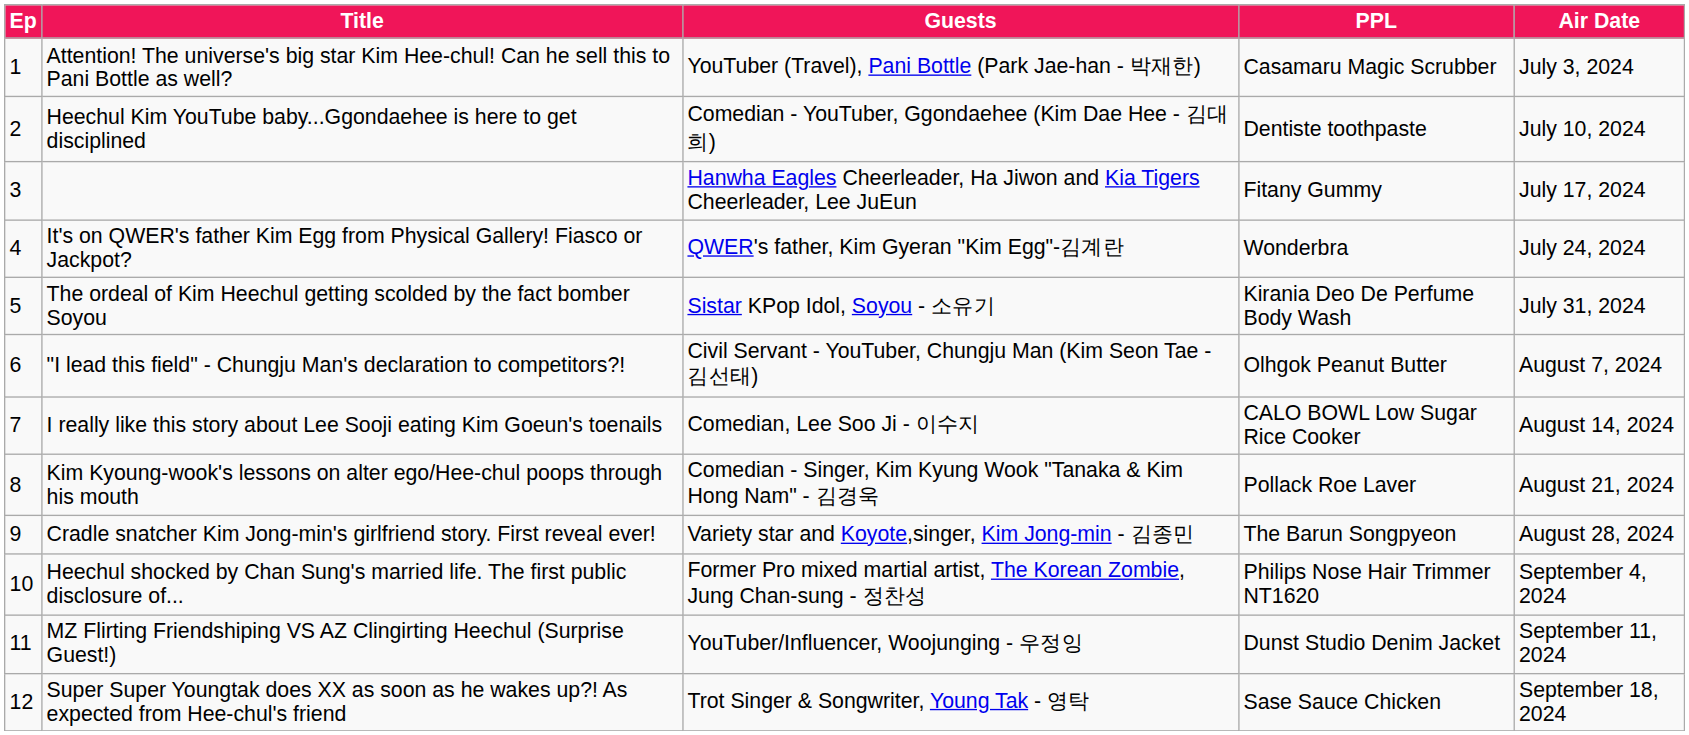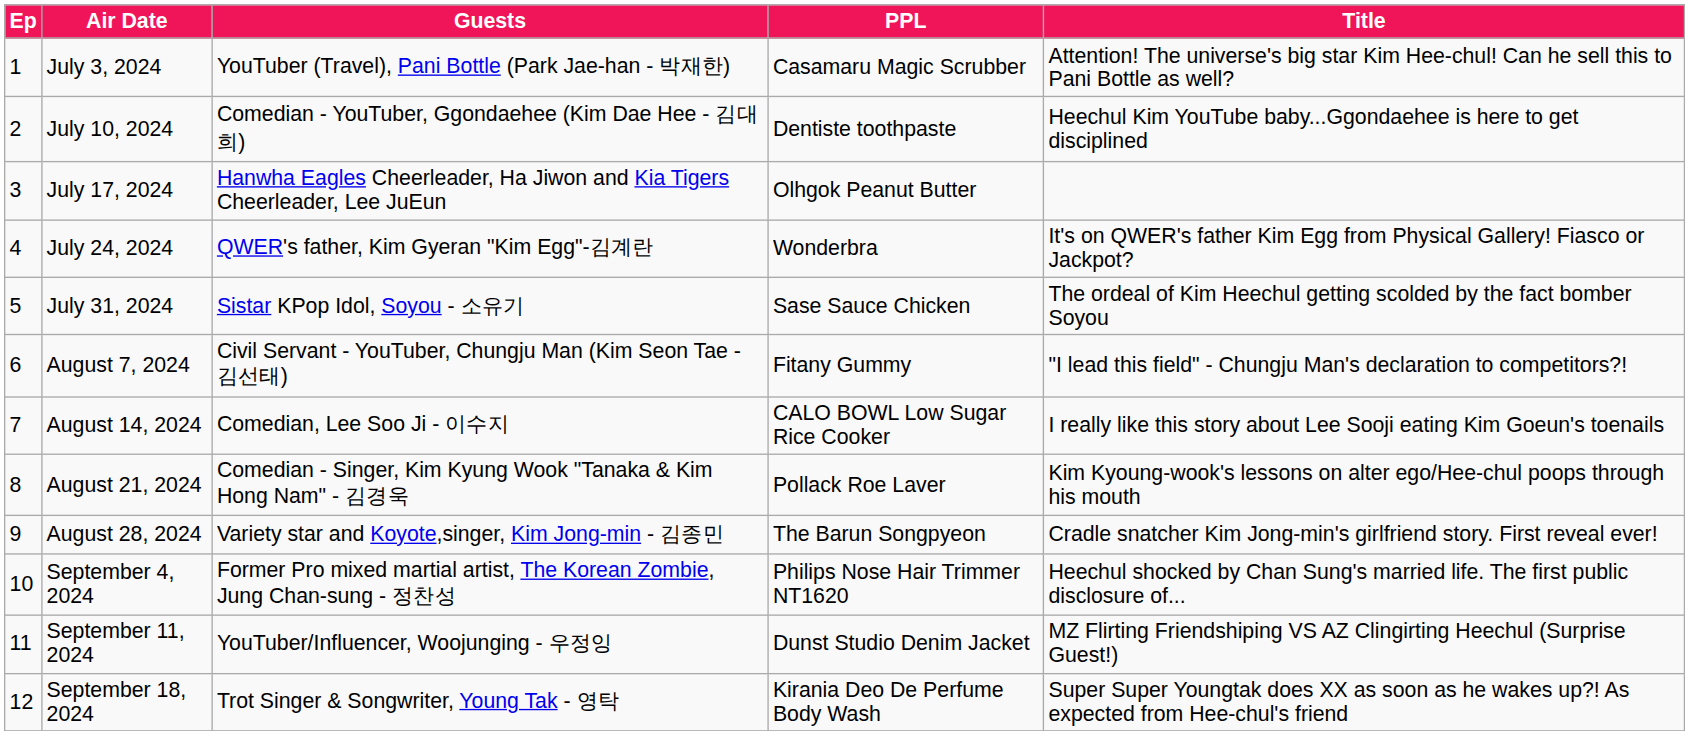 <table class="sortable wikitable" style="text-align:left; style=font-size:85%; width:100%">
 <tr>
 <th style="background:#f01559; color:white;">Ep</th>
-<th style="background:#f01559; color:white;">Title</th>
+<th style="background:#f01559; color:white;">Air Date</th>
 <th style="background:#f01559; color:white;">Guests</th>
 <th style="background:#f01559; color:white;">PPL</th>
-<th style="background:#f01559; color:white;">Air Date</th>
+<th style="background:#f01559; color:white;">Title</th>
 </tr>
 <tr>
 <td>1</td>
-<td>Attention! The universe's big star Kim Hee-chul! Can he sell this to Pani Bottle as well?</td>
+<td>July 3, 2024</td>
 <td>YouTuber (Travel), <a href='#'>Pani Bottle</a> (Park Jae-han - 박재한)</td>
 <td>Casamaru Magic Scrubber</td>
-<td>July 3, 2024</td>
+<td>Attention! The universe's big star Kim Hee-chul! Can he sell this to Pani Bottle as well?</td>
 </tr>
 <tr>
 <td>2</td>
-<td>Heechul Kim YouTube baby...Ggondaehee is here to get disciplined</td>
+<td>July 10, 2024</td>
 <td>Comedian - YouTuber, Ggondaehee (Kim Dae Hee - 김대희)</td>
 <td>Dentiste toothpaste</td>
-<td>July 10, 2024</td>
+<td>Heechul Kim YouTube baby...Ggondaehee is here to get disciplined</td>
 </tr>
 <tr>
 <td>3</td>
+<td>July 17, 2024</td>
+<td><a href='#'>Hanwha Eagles</a>  Cheerleader, Ha Jiwon and <a href='#'>Kia Tigers</a> Cheerleader, Lee JuEun</td>
+<td>Olhgok Peanut Butter</td>
 <td></td>
-<td><a href='#'>Hanwha Eagles</a>  Cheerleader, Ha Jiwon and <a href='#'>Kia Tigers</a> Cheerleader, Lee JuEun</td>
-<td>Fitany Gummy</td>
-<td>July 17, 2024</td>
 </tr>
 <tr>
 <td>4</td>
-<td>It's on QWER's father Kim Egg from Physical Gallery! Fiasco or Jackpot?</td>
+<td>July 24, 2024</td>
 <td><a href='#'>QWER</a>'s father, Kim Gyeran "Kim Egg"-김계란</td>
 <td>Wonderbra</td>
-<td>July 24, 2024</td>
+<td>It's on QWER's father Kim Egg from Physical Gallery! Fiasco or Jackpot?</td>
 </tr>
 <tr>
 <td>5</td>
+<td>July 31, 2024</td>
+<td><a href='#'>Sistar</a> KPop Idol, <a href='#'>Soyou</a> - 소유기</td>
+<td>Sase Sauce Chicken</td>
 <td>The ordeal of Kim Heechul getting scolded by the fact bomber Soyou</td>
-<td><a href='#'>Sistar</a> KPop Idol, <a href='#'>Soyou</a> - 소유기</td>
-<td>Kirania Deo De Perfume Body Wash</td>
-<td>July 31, 2024</td>
 </tr>
 <tr>
 <td>6</td>
+<td>August 7, 2024</td>
+<td>Civil Servant - YouTuber, Chungju Man (Kim Seon Tae - 김선태)</td>
+<td>Fitany Gummy</td>
 <td>"I lead this field" - Chungju Man's declaration to competitors?!</td>
-<td>Civil Servant - YouTuber, Chungju Man (Kim Seon Tae - 김선태)</td>
-<td>Olhgok Peanut Butter</td>
-<td>August 7, 2024</td>
 </tr>
 <tr>
 <td>7</td>
-<td>I really like this story about Lee Sooji eating Kim Goeun's toenails</td>
+<td>August 14, 2024</td>
 <td>Comedian, Lee Soo Ji - 이수지</td>
 <td>CALO BOWL Low Sugar Rice Cooker</td>
-<td>August 14, 2024</td>
+<td>I really like this story about Lee Sooji eating Kim Goeun's toenails</td>
 </tr>
 <tr>
 <td>8</td>
-<td>Kim Kyoung-wook's lessons on alter ego/Hee-chul poops through his mouth</td>
+<td>August 21, 2024</td>
 <td>Comedian - Singer, Kim Kyung Wook "Tanaka & Kim Hong Nam" - 김경욱</td>
 <td>Pollack Roe Laver</td>
-<td>August 21, 2024</td>
+<td>Kim Kyoung-wook's lessons on alter ego/Hee-chul poops through his mouth</td>
 </tr>
 <tr>
 <td>9</td>
-<td>Cradle snatcher Kim Jong-min's girlfriend story. First reveal ever!</td>
+<td>August 28, 2024</td>
 <td>Variety star and <a href='#'>Koyote</a>,singer, <a href='#'>Kim Jong-min</a> - 김종민</td>
 <td>The Barun Songpyeon</td>
-<td>August 28, 2024</td>
+<td>Cradle snatcher Kim Jong-min's girlfriend story. First reveal ever!</td>
 </tr>
 <tr>
 <td>10</td>
-<td>Heechul shocked by Chan Sung's married life. The first public disclosure of...</td>
+<td>September 4, 2024</td>
 <td>Former Pro mixed martial artist, <a href='#'>The Korean Zombie</a>, Jung Chan-sung - 정찬성</td>
 <td>Philips Nose Hair Trimmer NT1620</td>
-<td>September 4, 2024</td>
+<td>Heechul shocked by Chan Sung's married life. The first public disclosure of...</td>
 </tr>
 <tr>
 <td>11</td>
-<td>MZ Flirting Friendshiping VS AZ Clingirting Heechul (Surprise Guest!)</td>
+<td>September 11, 2024</td>
 <td>YouTuber/Influencer, Woojunging - 우정잉</td>
 <td>Dunst Studio Denim Jacket</td>
-<td>September 11, 2024</td>
+<td>MZ Flirting Friendshiping VS AZ Clingirting Heechul (Surprise Guest!)</td>
 </tr>
 <tr>
 <td>12</td>
+<td>September 18, 2024</td>
+<td>Trot Singer & Songwriter, <a href='#'>Young Tak</a> - 영탁</td>
+<td>Kirania Deo De Perfume Body Wash</td>
 <td>Super Super Youngtak does XX as soon as he wakes up?! As expected from Hee-chul's friend</td>
-<td>Trot Singer & Songwriter, <a href='#'>Young Tak</a> - 영탁</td>
-<td>Sase Sauce Chicken</td>
-<td>September 18, 2024</td>
 </tr>
 </table>
